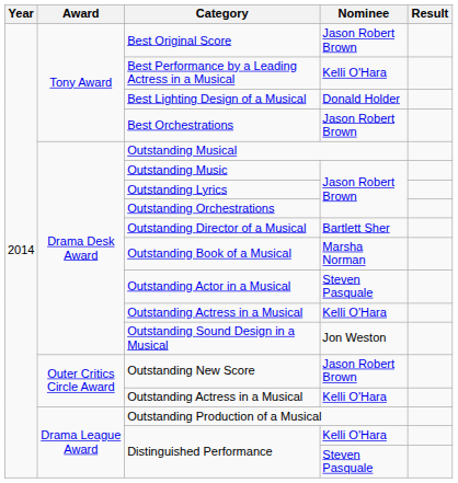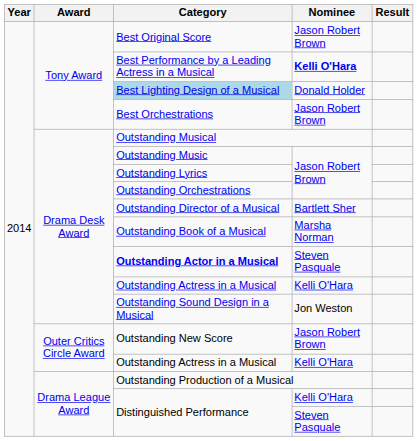 <table class="wikitable" width="95%">
 <tr>
 <th width="5%">Year</th>
 <th width="20%">Award</th>
 <th width="45%">Category</th>
 <th width="20%">Nominee</th>
 <th width="10%">Result</th>
 </tr>
 <tr>
 <td rowspan="18" align="center">2014</td>
 <td rowspan="4" align="center"><a href='#'>Tony Award</a></td>
 <td colspan="1"><a href='#'>Best Original Score</a></td>
 <td><a href='#'>Jason Robert Brown</a></td>
 <td></td>
 </tr>
 <tr>
 <td colspan="1"><a href='#'>Best Performance by a Leading Actress in a Musical</a></td>
-<td colspan="1"><a href='#'>Kelli O'Hara</a></td>
+<td colspan="1"><strong><a href='#'>Kelli O'Hara</a></strong></td>
 <td></td>
 </tr>
 <tr>
-<td colspan="1"><a href='#'>Best Lighting Design of a Musical</a></td>
+<td colspan="1" style="background: lightblue;"><a href='#'>Best Lighting Design of a Musical</a></td>
 <td colspan="1"><a href='#'>Donald Holder</a></td>
 <td></td>
 </tr>
 <tr>
 <td colspan="1"><a href='#'>Best Orchestrations</a></td>
 <td><a href='#'>Jason Robert Brown</a></td>
 <td></td>
 </tr>
 <tr>
 <td rowspan="9" align="center"><a href='#'>Drama Desk Award</a></td>
 <td colspan="2"><a href='#'>Outstanding Musical</a></td>
 <td></td>
 </tr>
 <tr>
 <td colspan="1"><a href='#'>Outstanding Music</a></td>
 <td rowspan="3"><a href='#'>Jason Robert Brown</a></td>
 <td></td>
 </tr>
 <tr>
 <td colspan="1"><a href='#'>Outstanding Lyrics</a></td>
 <td></td>
 </tr>
 <tr>
 <td colspan="1"><a href='#'>Outstanding Orchestrations</a></td>
 <td></td>
 </tr>
 <tr>
 <td colspan="1"><a href='#'>Outstanding Director of a Musical</a></td>
 <td colspan="1"><a href='#'>Bartlett Sher</a></td>
 <td></td>
 </tr>
 <tr>
 <td colspan="1"><a href='#'>Outstanding Book of a Musical</a></td>
 <td colspan="1"><a href='#'>Marsha Norman</a></td>
 <td></td>
 </tr>
 <tr>
-<td colspan="1"><a href='#'>Outstanding Actor in a Musical</a></td>
+<td colspan="1"><strong><a href='#'>Outstanding Actor in a Musical</a></strong></td>
 <td colspan="1"><a href='#'>Steven Pasquale</a></td>
 <td></td>
 </tr>
 <tr>
 <td colspan="1"><a href='#'>Outstanding Actress in a Musical</a></td>
 <td colspan="1"><a href='#'>Kelli O'Hara</a></td>
 <td></td>
 </tr>
 <tr>
 <td colspan="1"><a href='#'>Outstanding Sound Design in a Musical</a></td>
 <td colspan="1">Jon Weston</td>
 <td></td>
 </tr>
 <tr>
 <td rowspan="2" align="center"><a href='#'>Outer Critics Circle Award</a></td>
 <td colspan="1">Outstanding New Score</td>
 <td colspan="1"><a href='#'>Jason Robert Brown</a></td>
 <td></td>
 </tr>
 <tr>
 <td colspan="1">Outstanding Actress in a Musical</td>
 <td colspan="1"><a href='#'>Kelli O'Hara</a></td>
 <td></td>
 </tr>
 <tr>
 <td rowspan="3" align="center"><a href='#'>Drama League Award</a></td>
 <td colspan="2">Outstanding Production of a Musical</td>
 <td></td>
 </tr>
 <tr>
 <td rowspan="2">Distinguished Performance</td>
 <td colspan="1"><a href='#'>Kelli O'Hara</a></td>
 <td></td>
 </tr>
 <tr>
 <td colspan="1"><a href='#'>Steven Pasquale</a></td>
 <td></td>
 </tr>
 </table>
